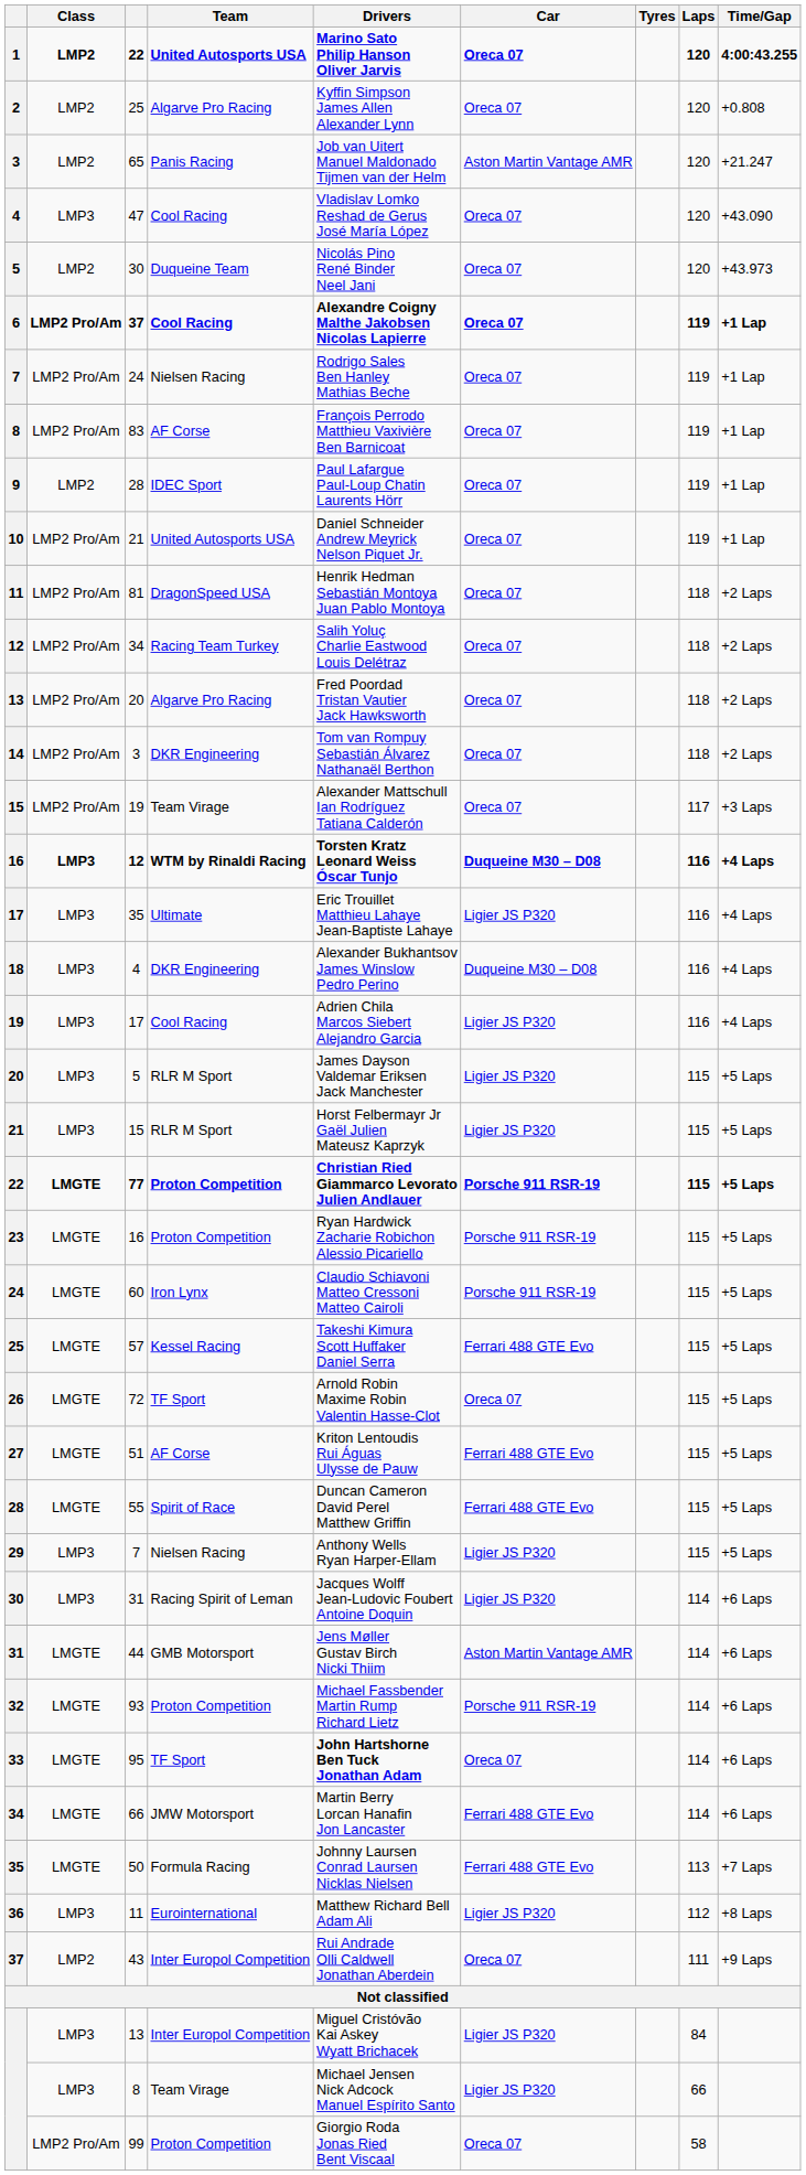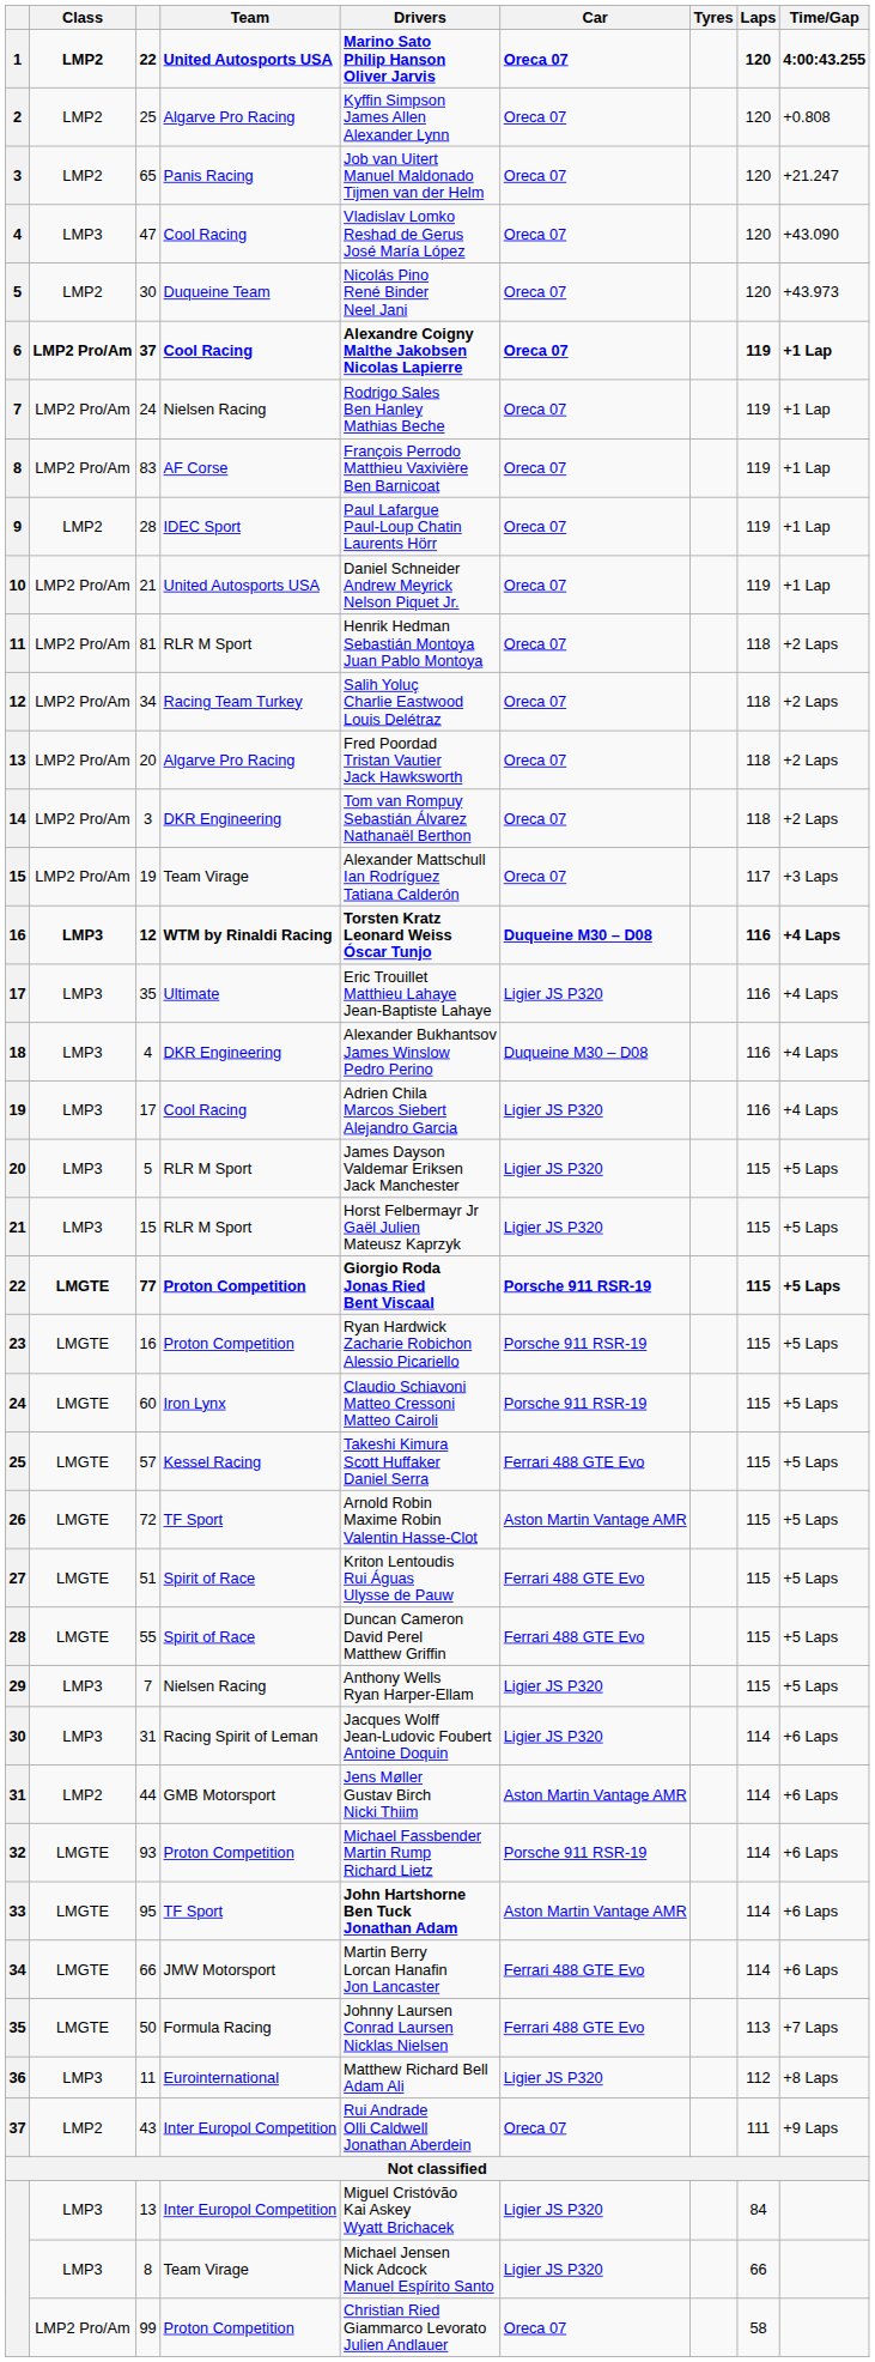 <table class="wikitable" style="font-size:95%;">
 <tr>
 <th></th>
 <th>Class</th>
 <th></th>
 <th>Team</th>
 <th>Drivers</th>
 <th>Car</th>
 <th>Tyres</th>
 <th>Laps</th>
 <th>Time/Gap</th>
 </tr>
 <tr style="font-weight: bold;">
 <th>1</th>
 <td align="center">LMP2</td>
 <td align="center">22</td>
 <td> <a href='#'>United Autosports USA</a></td>
 <td> <a href='#'>Marino Sato</a><br> <a href='#'>Philip Hanson</a><br> <a href='#'>Oliver Jarvis</a></td>
 <td><a href='#'>Oreca 07</a></td>
 <td align="center"></td>
 <td align="center">120</td>
 <td align="center">4:00:43.255</td>
 </tr>
 <tr>
 <th>2</th>
 <td align="center">LMP2</td>
 <td align="center">25</td>
 <td> <a href='#'>Algarve Pro Racing</a></td>
 <td> <a href='#'>Kyffin Simpson</a><br> <a href='#'>James Allen</a><br> <a href='#'>Alexander Lynn</a></td>
 <td><a href='#'>Oreca 07</a></td>
 <td align="center"></td>
 <td align="center">120</td>
 <td>+0.808</td>
 </tr>
 <tr>
 <th>3</th>
 <td align="center">LMP2</td>
 <td align="center">65</td>
 <td> <a href='#'>Panis Racing</a></td>
 <td> <a href='#'>Job van Uitert</a><br> <a href='#'>Manuel Maldonado</a><br> <a href='#'>Tijmen van der Helm</a></td>
-<td><a href='#'>Aston Martin Vantage AMR</a></td>
+<td><a href='#'>Oreca 07</a></td>
 <td align="center"></td>
 <td align="center">120</td>
 <td>+21.247</td>
 </tr>
 <tr>
 <th>4</th>
 <td align="center">LMP3</td>
 <td align="center">47</td>
 <td> <a href='#'>Cool Racing</a></td>
 <td> <a href='#'>Vladislav Lomko</a><br> <a href='#'>Reshad de Gerus</a><br> <a href='#'>José María López</a></td>
 <td><a href='#'>Oreca 07</a></td>
 <td align="center"></td>
 <td align="center">120</td>
 <td>+43.090</td>
 </tr>
 <tr>
 <th>5</th>
 <td align="center">LMP2</td>
 <td align="center">30</td>
 <td> <a href='#'>Duqueine Team</a></td>
 <td> <a href='#'>Nicolás Pino</a><br> <a href='#'>René Binder</a><br> <a href='#'>Neel Jani</a></td>
 <td><a href='#'>Oreca 07</a></td>
 <td align="center"></td>
 <td align="center">120</td>
 <td>+43.973</td>
 </tr>
 <tr style="font-weight: bold;">
 <th>6</th>
 <td align="center">LMP2 Pro/Am</td>
 <td align="center">37</td>
 <td> <a href='#'>Cool Racing</a></td>
 <td> Alexandre Coigny<br> <a href='#'>Malthe Jakobsen</a><br> <a href='#'>Nicolas Lapierre</a></td>
 <td><a href='#'>Oreca 07</a></td>
 <td align="center"></td>
 <td align="center">119</td>
 <td>+1 Lap</td>
 </tr>
 <tr>
 <th>7</th>
 <td align="center">LMP2 Pro/Am</td>
 <td align="center">24</td>
 <td> Nielsen Racing</td>
 <td> <a href='#'>Rodrigo Sales</a><br> <a href='#'>Ben Hanley</a><br> <a href='#'>Mathias Beche</a></td>
 <td><a href='#'>Oreca 07</a></td>
 <td align="center"></td>
 <td align="center">119</td>
 <td>+1 Lap</td>
 </tr>
 <tr>
 <th>8</th>
 <td align="center">LMP2 Pro/Am</td>
 <td align="center">83</td>
 <td> <a href='#'>AF Corse</a></td>
 <td> <a href='#'>François Perrodo</a><br> <a href='#'>Matthieu Vaxivière</a><br> <a href='#'>Ben Barnicoat</a></td>
 <td><a href='#'>Oreca 07</a></td>
 <td align="center"></td>
 <td align="center">119</td>
 <td>+1 Lap</td>
 </tr>
 <tr>
 <th>9</th>
 <td align="center">LMP2</td>
 <td align="center">28</td>
 <td> <a href='#'>IDEC Sport</a></td>
 <td> <a href='#'>Paul Lafargue</a><br> <a href='#'>Paul-Loup Chatin</a><br> <a href='#'>Laurents Hörr</a></td>
 <td><a href='#'>Oreca 07</a></td>
 <td align="center"></td>
 <td align="center">119</td>
 <td>+1 Lap</td>
 </tr>
 <tr>
 <th>10</th>
 <td align="center">LMP2 Pro/Am</td>
 <td align="center">21</td>
 <td> <a href='#'>United Autosports USA</a></td>
 <td> Daniel Schneider<br> <a href='#'>Andrew Meyrick</a><br> <a href='#'>Nelson Piquet Jr.</a></td>
 <td><a href='#'>Oreca 07</a></td>
 <td align="center"></td>
 <td align="center">119</td>
 <td>+1 Lap</td>
 </tr>
 <tr>
 <th>11</th>
 <td align="center">LMP2 Pro/Am</td>
 <td align="center">81</td>
-<td> <a href='#'>DragonSpeed USA</a></td>
+<td> RLR M Sport</td>
 <td> Henrik Hedman<br> <a href='#'>Sebastián Montoya</a><br> <a href='#'>Juan Pablo Montoya</a></td>
 <td><a href='#'>Oreca 07</a></td>
 <td align="center"></td>
 <td align="center">118</td>
 <td>+2 Laps</td>
 </tr>
 <tr>
 <th>12</th>
 <td align="center">LMP2 Pro/Am</td>
 <td align="center">34</td>
 <td> <a href='#'>Racing Team Turkey</a></td>
 <td> <a href='#'>Salih Yoluç</a><br> <a href='#'>Charlie Eastwood</a><br> <a href='#'>Louis Delétraz</a></td>
 <td><a href='#'>Oreca 07</a></td>
 <td align="center"></td>
 <td align="center">118</td>
 <td>+2 Laps</td>
 </tr>
 <tr>
 <th>13</th>
 <td align="center">LMP2 Pro/Am</td>
 <td align="center">20</td>
 <td> <a href='#'>Algarve Pro Racing</a></td>
 <td> Fred Poordad<br> <a href='#'>Tristan Vautier</a><br> <a href='#'>Jack Hawksworth</a></td>
 <td><a href='#'>Oreca 07</a></td>
 <td align="center"></td>
 <td align="center">118</td>
 <td>+2 Laps</td>
 </tr>
 <tr>
 <th>14</th>
 <td align="center">LMP2 Pro/Am</td>
 <td align="center">3</td>
 <td> <a href='#'>DKR Engineering</a></td>
 <td> <a href='#'>Tom van Rompuy</a><br> <a href='#'>Sebastián Álvarez</a><br> <a href='#'>Nathanaël Berthon</a></td>
 <td><a href='#'>Oreca 07</a></td>
 <td align="center"></td>
 <td align="center">118</td>
 <td>+2 Laps</td>
 </tr>
 <tr>
 <th>15</th>
 <td align="center">LMP2 Pro/Am</td>
 <td align="center">19</td>
 <td> Team Virage</td>
 <td> Alexander Mattschull<br> <a href='#'>Ian Rodríguez</a><br> <a href='#'>Tatiana Calderón</a></td>
 <td><a href='#'>Oreca 07</a></td>
 <td align="center"></td>
 <td align="center">117</td>
 <td>+3 Laps</td>
 </tr>
 <tr style="font-weight: bold;">
 <th>16</th>
 <td align="center">LMP3</td>
 <td align="center">12</td>
 <td> WTM by Rinaldi Racing</td>
 <td> Torsten Kratz<br> Leonard Weiss<br> <a href='#'>Óscar Tunjo</a></td>
 <td><a href='#'>Duqueine M30 – D08</a></td>
 <td align="center"></td>
 <td align="center">116</td>
 <td>+4 Laps</td>
 </tr>
 <tr>
 <th>17</th>
 <td align="center">LMP3</td>
 <td align="center">35</td>
 <td> <a href='#'>Ultimate</a></td>
 <td> Eric Trouillet<br> <a href='#'>Matthieu Lahaye</a><br> Jean-Baptiste Lahaye</td>
 <td><a href='#'>Ligier JS P320</a></td>
 <td align="center"></td>
 <td align="center">116</td>
 <td>+4 Laps</td>
 </tr>
 <tr>
 <th>18</th>
 <td align="center">LMP3</td>
 <td align="center">4</td>
 <td> <a href='#'>DKR Engineering</a></td>
 <td> Alexander Bukhantsov<br> <a href='#'>James Winslow</a><br> <a href='#'>Pedro Perino</a></td>
 <td><a href='#'>Duqueine M30 – D08</a></td>
 <td align="center"></td>
 <td align="center">116</td>
 <td>+4 Laps</td>
 </tr>
 <tr>
 <th>19</th>
 <td align="center">LMP3</td>
 <td align="center">17</td>
 <td> <a href='#'>Cool Racing</a></td>
 <td> Adrien Chila<br> <a href='#'>Marcos Siebert</a><br> <a href='#'>Alejandro Garcia</a></td>
 <td><a href='#'>Ligier JS P320</a></td>
 <td align="center"></td>
 <td align="center">116</td>
 <td>+4 Laps</td>
 </tr>
 <tr>
 <th>20</th>
 <td align="center">LMP3</td>
 <td align="center">5</td>
 <td> RLR M Sport</td>
 <td> James Dayson<br> Valdemar Eriksen<br> Jack Manchester</td>
 <td><a href='#'>Ligier JS P320</a></td>
 <td align="center"></td>
 <td align="center">115</td>
 <td>+5 Laps</td>
 </tr>
 <tr>
 <th>21</th>
 <td align="center">LMP3</td>
 <td align="center">15</td>
 <td> RLR M Sport</td>
 <td> Horst Felbermayr Jr<br> <a href='#'>Gaël Julien</a><br> Mateusz Kaprzyk</td>
 <td><a href='#'>Ligier JS P320</a></td>
 <td align="center"></td>
 <td align="center">115</td>
 <td>+5 Laps</td>
 </tr>
 <tr style="font-weight: bold;">
 <th>22</th>
 <td align="center">LMGTE</td>
 <td align="center">77</td>
 <td> <a href='#'>Proton Competition</a></td>
-<td> <a href='#'>Christian Ried</a><br> Giammarco Levorato<br> <a href='#'>Julien Andlauer</a></td>
+<td> Giorgio Roda<br> <a href='#'>Jonas Ried</a><br> <a href='#'>Bent Viscaal</a></td>
 <td><a href='#'>Porsche 911 RSR-19</a></td>
 <td align="center"></td>
 <td align="center">115</td>
 <td>+5 Laps</td>
 </tr>
 <tr>
 <th>23</th>
 <td align="center">LMGTE</td>
 <td align="center">16</td>
 <td> <a href='#'>Proton Competition</a></td>
 <td> Ryan Hardwick<br> <a href='#'>Zacharie Robichon</a><br> <a href='#'>Alessio Picariello</a></td>
 <td><a href='#'>Porsche 911 RSR-19</a></td>
 <td align="center"></td>
 <td align="center">115</td>
 <td>+5 Laps</td>
 </tr>
 <tr>
 <th>24</th>
 <td align="center">LMGTE</td>
 <td align="center">60</td>
 <td> <a href='#'>Iron Lynx</a></td>
 <td> <a href='#'>Claudio Schiavoni</a><br> <a href='#'>Matteo Cressoni</a><br> <a href='#'>Matteo Cairoli</a></td>
 <td><a href='#'>Porsche 911 RSR-19</a></td>
 <td align="center"></td>
 <td align="center">115</td>
 <td>+5 Laps</td>
 </tr>
 <tr>
 <th>25</th>
 <td align="center">LMGTE</td>
 <td align="center">57</td>
 <td> <a href='#'>Kessel Racing</a></td>
 <td> <a href='#'>Takeshi Kimura</a><br> <a href='#'>Scott Huffaker</a><br> <a href='#'>Daniel Serra</a></td>
 <td><a href='#'>Ferrari 488 GTE Evo</a></td>
 <td align="center"></td>
 <td align="center">115</td>
 <td>+5 Laps</td>
 </tr>
 <tr>
 <th>26</th>
 <td align="center">LMGTE</td>
 <td align="center">72</td>
 <td> <a href='#'>TF Sport</a></td>
 <td> Arnold Robin<br> Maxime Robin<br> <a href='#'>Valentin Hasse-Clot</a></td>
-<td><a href='#'>Oreca 07</a></td>
+<td><a href='#'>Aston Martin Vantage AMR</a></td>
 <td align="center"></td>
 <td align="center">115</td>
 <td>+5 Laps</td>
 </tr>
 <tr>
 <th>27</th>
 <td align="center">LMGTE</td>
 <td align="center">51</td>
-<td> <a href='#'>AF Corse</a></td>
+<td> <a href='#'>Spirit of Race</a></td>
 <td> Kriton Lentoudis<br> <a href='#'>Rui Águas</a><br> <a href='#'>Ulysse de Pauw</a></td>
 <td><a href='#'>Ferrari 488 GTE Evo</a></td>
 <td align="center"></td>
 <td align="center">115</td>
 <td>+5 Laps</td>
 </tr>
 <tr>
 <th>28</th>
 <td align="center">LMGTE</td>
 <td align="center">55</td>
 <td> <a href='#'>Spirit of Race</a></td>
 <td> Duncan Cameron<br> David Perel<br> Matthew Griffin</td>
 <td><a href='#'>Ferrari 488 GTE Evo</a></td>
 <td align="center"></td>
 <td align="center">115</td>
 <td>+5 Laps</td>
 </tr>
 <tr>
 <th>29</th>
 <td align="center">LMP3</td>
 <td align="center">7</td>
 <td> Nielsen Racing</td>
 <td> Anthony Wells<br> Ryan Harper-Ellam</td>
 <td><a href='#'>Ligier JS P320</a></td>
 <td align="center"></td>
 <td align="center">115</td>
 <td>+5 Laps</td>
 </tr>
 <tr>
 <th>30</th>
 <td align="center">LMP3</td>
 <td align="center">31</td>
 <td> Racing Spirit of Leman</td>
 <td> Jacques Wolff<br> Jean-Ludovic Foubert<br> <a href='#'>Antoine Doquin</a></td>
 <td><a href='#'>Ligier JS P320</a></td>
 <td align="center"></td>
 <td align="center">114</td>
 <td>+6 Laps</td>
 </tr>
 <tr>
 <th>31</th>
-<td align="center">LMGTE</td>
+<td align="center">LMP2</td>
 <td align="center">44</td>
 <td> GMB Motorsport</td>
 <td> <a href='#'>Jens Møller</a><br> Gustav Birch<br> <a href='#'>Nicki Thiim</a></td>
 <td><a href='#'>Aston Martin Vantage AMR</a></td>
 <td align="center"></td>
 <td align="center">114</td>
 <td>+6 Laps</td>
 </tr>
 <tr>
 <th>32</th>
 <td align="center">LMGTE</td>
 <td align="center">93</td>
 <td> <a href='#'>Proton Competition</a></td>
 <td> <a href='#'>Michael Fassbender</a><br> <a href='#'>Martin Rump</a><br> <a href='#'>Richard Lietz</a></td>
 <td><a href='#'>Porsche 911 RSR-19</a></td>
 <td align="center"></td>
 <td align="center">114</td>
 <td>+6 Laps</td>
 </tr>
 <tr>
 <th>33</th>
 <td align="center">LMGTE</td>
 <td align="center">95</td>
 <td> <a href='#'>TF Sport</a></td>
 <td><strong> John Hartshorne<br> Ben Tuck<br> <a href='#'>Jonathan Adam</a></strong></td>
-<td><a href='#'>Oreca 07</a></td>
+<td><a href='#'>Aston Martin Vantage AMR</a></td>
 <td align="center"></td>
 <td align="center">114</td>
 <td>+6 Laps</td>
 </tr>
 <tr>
 <th>34</th>
 <td align="center">LMGTE</td>
 <td align="center">66</td>
 <td> JMW Motorsport</td>
 <td> Martin Berry<br> Lorcan Hanafin<br> <a href='#'>Jon Lancaster</a></td>
 <td><a href='#'>Ferrari 488 GTE Evo</a></td>
 <td align="center"></td>
 <td align="center">114</td>
 <td>+6 Laps</td>
 </tr>
 <tr>
 <th>35</th>
 <td align="center">LMGTE</td>
 <td align="center">50</td>
 <td> Formula Racing</td>
 <td> Johnny Laursen<br> <a href='#'>Conrad Laursen</a><br> <a href='#'>Nicklas Nielsen</a></td>
 <td><a href='#'>Ferrari 488 GTE Evo</a></td>
 <td align="center"></td>
 <td align="center">113</td>
 <td>+7 Laps</td>
 </tr>
 <tr>
 <th>36</th>
 <td align="center">LMP3</td>
 <td align="center">11</td>
 <td> <a href='#'>Eurointernational</a></td>
 <td> Matthew Richard Bell<br> <a href='#'>Adam Ali</a></td>
 <td><a href='#'>Ligier JS P320</a></td>
 <td align="center"></td>
 <td align="center">112</td>
 <td>+8 Laps</td>
 </tr>
 <tr>
 <th>37</th>
 <td align="center">LMP2</td>
 <td align="center">43</td>
 <td> <a href='#'>Inter Europol Competition</a></td>
 <td> <a href='#'>Rui Andrade</a><br> <a href='#'>Olli Caldwell</a><br> <a href='#'>Jonathan Aberdein</a></td>
 <td><a href='#'>Oreca 07</a></td>
 <td align="center"></td>
 <td align="center">111</td>
 <td>+9 Laps</td>
 </tr>
 <tr>
 <th colspan="9">Not classified</th>
 </tr>
 <tr>
 <th rowspan="3"></th>
 <td align="center">LMP3</td>
 <td align="center">13</td>
 <td> <a href='#'>Inter Europol Competition</a></td>
 <td> Miguel Cristóvão<br> Kai Askey<br> <a href='#'>Wyatt Brichacek</a></td>
 <td><a href='#'>Ligier JS P320</a></td>
 <td align="center"></td>
 <td align="center">84</td>
 <td></td>
 </tr>
 <tr>
 <td align="center">LMP3</td>
 <td align="center">8</td>
 <td> Team Virage</td>
 <td> Michael Jensen<br> Nick Adcock<br> <a href='#'>Manuel Espírito Santo</a></td>
 <td><a href='#'>Ligier JS P320</a></td>
 <td align="center"></td>
 <td align="center">66</td>
 <td></td>
 </tr>
 <tr>
 <td align="center">LMP2 Pro/Am</td>
 <td align="center">99</td>
 <td> <a href='#'>Proton Competition</a></td>
-<td> Giorgio Roda<br> <a href='#'>Jonas Ried</a><br> <a href='#'>Bent Viscaal</a></td>
+<td> <a href='#'>Christian Ried</a><br> Giammarco Levorato<br> <a href='#'>Julien Andlauer</a></td>
 <td><a href='#'>Oreca 07</a></td>
 <td align="center"></td>
 <td align="center">58</td>
 <td></td>
 </tr>
 </table>
